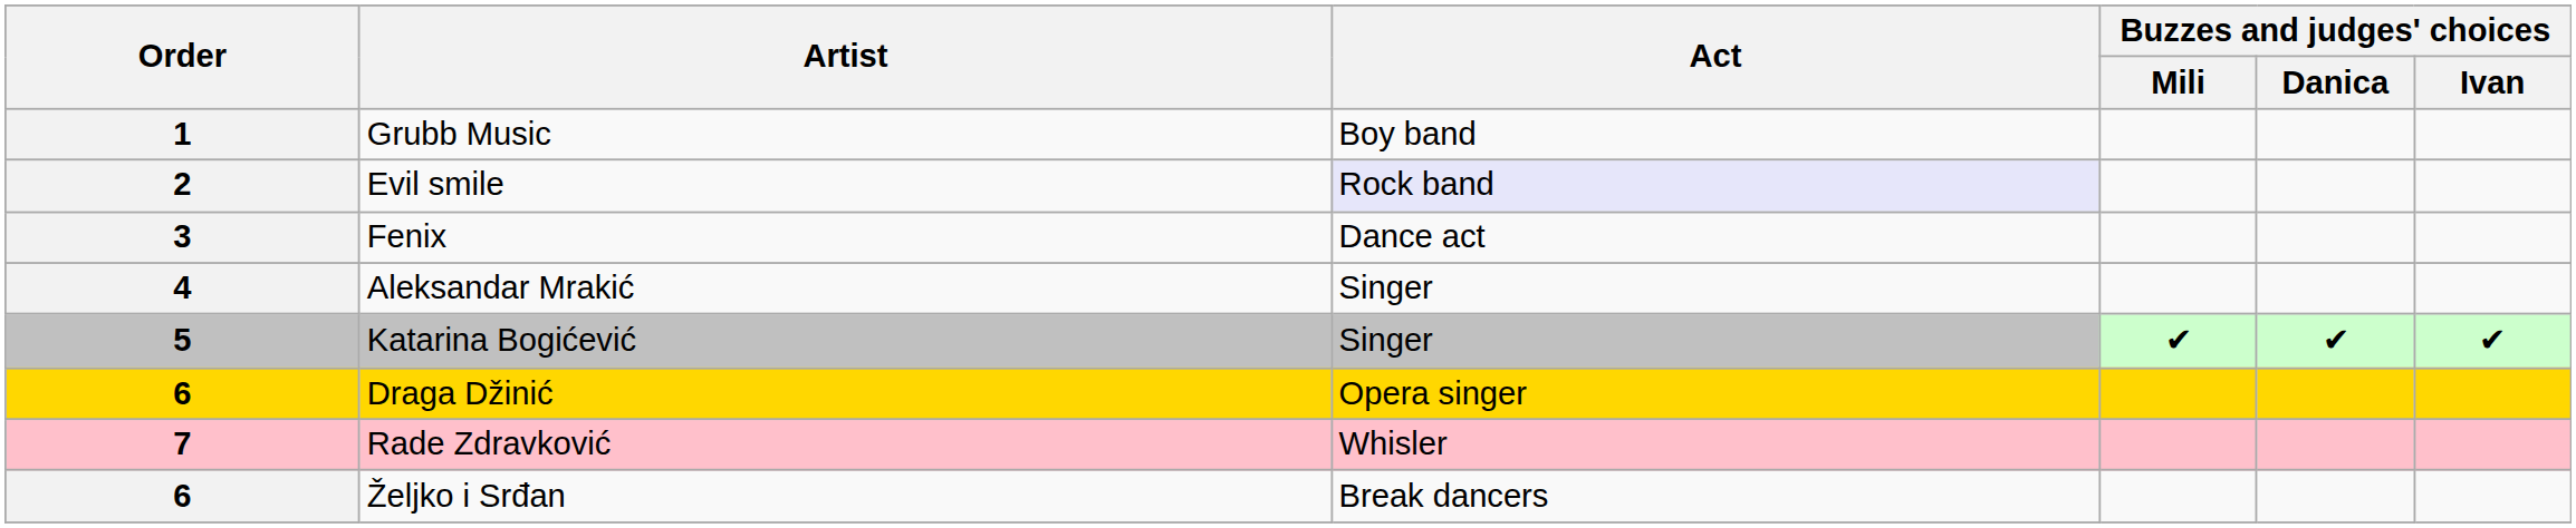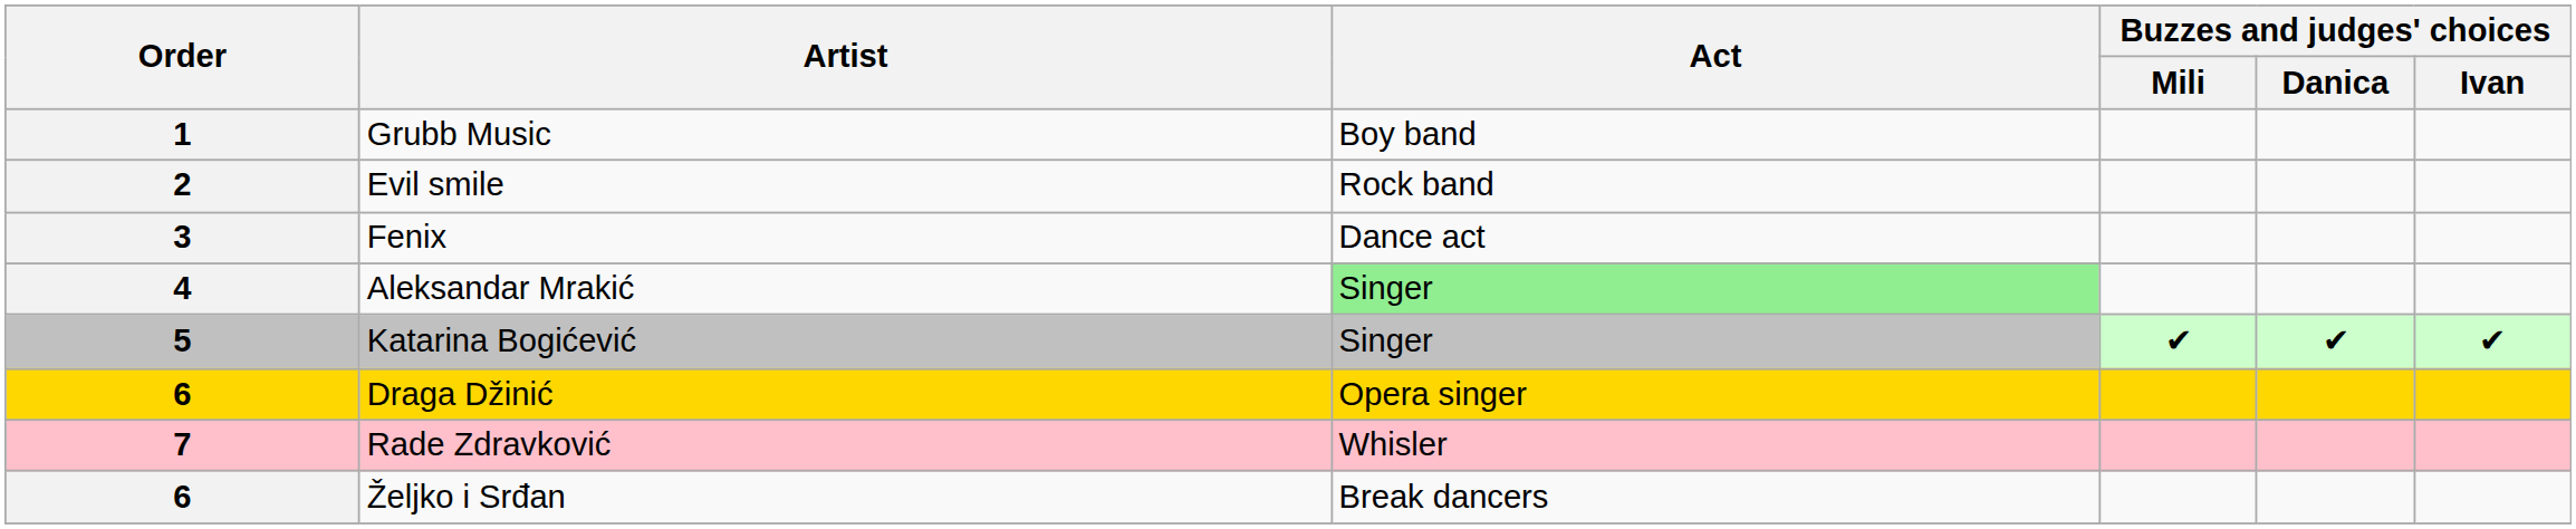 <table class="wikitable" style="width:100%;">
 <tr>
 <th rowspan=2>Order</th>
 <th rowspan=2>Artist</th>
 <th rowspan=2>Act</th>
 <th colspan=3>Buzzes and judges' choices</th>
 </tr>
 <tr>
 <th width="70">Mili</th>
 <th width="70">Danica</th>
 <th width="70">Ivan</th>
 </tr>
 <tr>
 <th>1</th>
 <td>Grubb Music</td>
 <td>Boy band</td>
 <td></td>
 <td></td>
 <td></td>
 </tr>
 <tr>
 <th>2</th>
 <td>Evil smile</td>
-<td style="background: lavender;">Rock band</td>
+<td>Rock band</td>
 <td></td>
 <td></td>
 <td></td>
 </tr>
 <tr>
 <th>3</th>
 <td>Fenix</td>
 <td>Dance act</td>
 <td></td>
 <td></td>
 <td></td>
 </tr>
 <tr>
 <th>4</th>
 <td>Aleksandar Mrakić</td>
-<td>Singer</td>
+<td style="background: lightgreen;">Singer</td>
 <td></td>
 <td></td>
 <td></td>
 </tr>
 <tr>
 <th style="background:silver;">5</th>
 <td style="background:silver;">Katarina Bogićević</td>
 <td style="background:silver;">Singer</td>
 <td style="background:#cfc; text-align:center;">✔</td>
 <td style="background:#cfc; text-align:center;">✔</td>
 <td style="background:#cfc; text-align:center;">✔</td>
 </tr>
 <tr>
 <th style="background:gold;">6</th>
 <td style="background:gold;">Draga Džinić</td>
 <td style="background:gold;">Opera singer</td>
 <td style="background:gold;"></td>
 <td style="background:gold;"></td>
 <td style="background:gold;"></td>
 </tr>
 <tr>
 <th style="background:pink;">7</th>
 <td style="background:pink;">Rade Zdravković</td>
 <td style="background:pink;">Whisler</td>
 <td style="background:pink;"></td>
 <td style="background:pink;"></td>
 <td style="background:pink;"></td>
 </tr>
 <tr>
 <th>6</th>
 <td>Željko i Srđan</td>
 <td>Break dancers</td>
 <td></td>
 <td></td>
 <td></td>
 </tr>
 </table>
